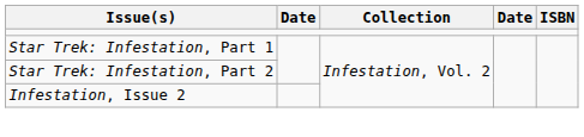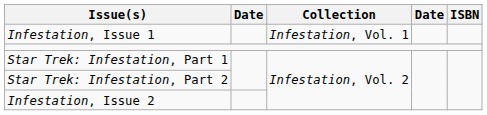 <table class="wikitable">
 <tr>
 <th>Issue(s)</th>
 <th>Date</th>
 <th>Collection</th>
 <th>Date</th>
 <th>ISBN</th>
+</tr>
+<tr>
+<td><em>Infestation</em>, Issue 1</td>
+<td></td>
+<td><em>Infestation</em>, Vol. 1</td>
+<td></td>
+<td></td>
 </tr>
 <tr>
 <td colspan="5"></td>
 </tr>
 <tr>
 <td><em>Star Trek: Infestation</em>, Part 1</td>
 <td rowspan="2"></td>
 <td rowspan="3"><em>Infestation</em>, Vol. 2</td>
 <td rowspan="3"></td>
 <td rowspan="3"></td>
 </tr>
 <tr>
 <td><em>Star Trek: Infestation</em>, Part 2</td>
 </tr>
 <tr>
 <td><em>Infestation</em>, Issue 2</td>
 <td></td>
 </tr>
 </table>
